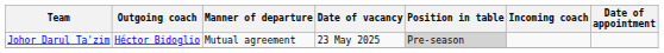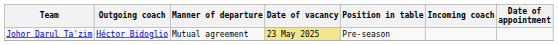 <table class="wikitable" style="font-size:90%;">
 <tr>
 <th>Team</th>
 <th>Outgoing coach</th>
 <th>Manner of departure</th>
 <th>Date of vacancy</th>
 <th>Position in table</th>
 <th>Incoming coach</th>
 <th>Date of<br>appointment</th>
 </tr>
 <tr>
 <td><a href='#'>Johor Darul Ta'zim</a></td>
 <td> <a href='#'>Héctor Bidoglio</a></td>
 <td>Mutual agreement</td>
-<td>23 May 2025</td>
-<td style="background: lightgrey;">Pre-season</td>
+<td style="background: khaki;">23 May 2025</td>
+<td>Pre-season</td>
 <td></td>
 <td></td>
 </tr>
 <tr>
 </tr>
 </table>
